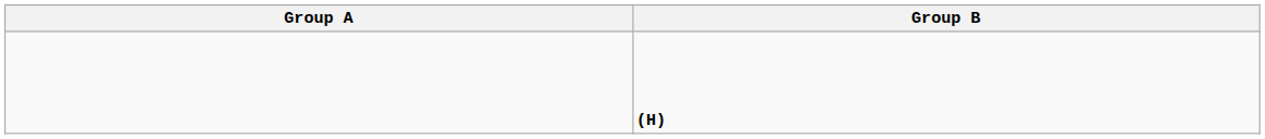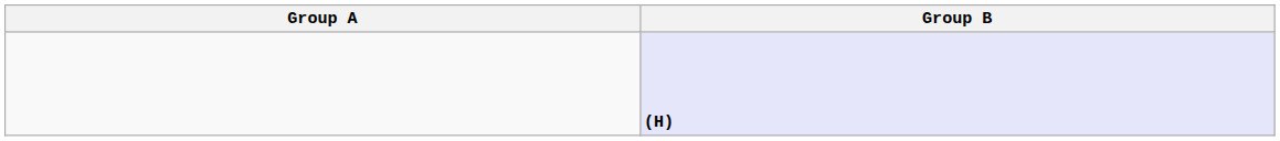 <table class=wikitable width=50%>
 <tr>
 <th width=25%>Group A</th>
 <th width=25%>Group B</th>
 </tr>
 <tr>
 <td><br><br><br><br></td>
-<td><br><br><br><br> <strong>(H)</strong></td>
+<td style="background: lavender;"><br><br><br><br> <strong>(H)</strong></td>
 </tr>
 </table>
